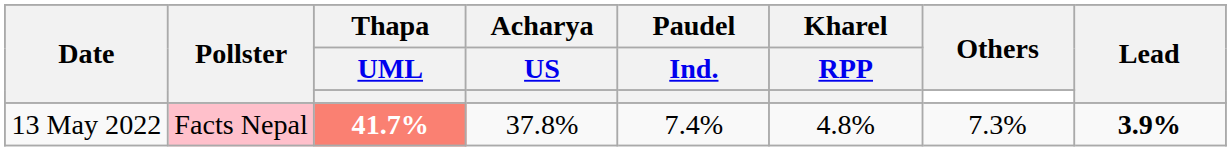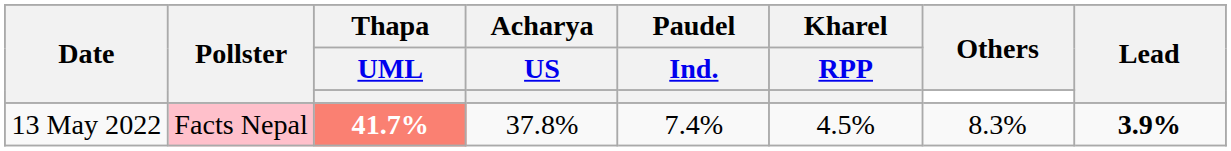 <table class="wikitable sortable" style="text-align:center;font-size:95%;line-height:16px">
 <tr>
 <th rowspan="3">Date</th>
 <th rowspan="3">Pollster</th>
 <th style="width:75px;">Thapa</th>
 <th style="width:75px;">Acharya</th>
 <th style="width:75px;">Paudel</th>
 <th style="width:75px;">Kharel</th>
 <th rowspan="2" style="width:75px;">Others</th>
 <th rowspan="3" style="width:75px;">Lead</th>
 </tr>
 <tr>
 <th><a href='#'>UML</a></th>
 <th><a href='#'>US</a></th>
 <th><a href='#'>Ind.</a></th>
 <th><a href='#'>RPP</a></th>
 </tr>
 <tr>
 <th style="background:"></th>
 <th style="background:"></th>
 <th style="background:"></th>
 <th style="background:"></th>
 <th style="background:white"></th>
 </tr>
 <tr>
 <td>13 May 2022</td>
 <td style="background: pink;">Facts Nepal</td>
 <td style="background:salmon;color:#FFFFFF;"><strong>41.7%</strong></td>
 <td>37.8%</td>
 <td>7.4%</td>
-<td>4.8%</td>
-<td>7.3%</td>
+<td>4.5%</td>
+<td>8.3%</td>
 <td style="background:"><strong>3.9%</strong></td>
 </tr>
 </table>
